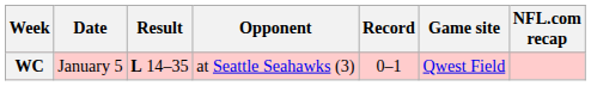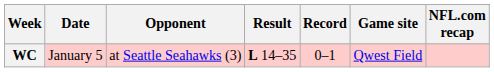 <table class="wikitable" align="center" style="font-size: 92%">
 <tr>
 <th>Week</th>
 <th>Date</th>
+<th>Opponent</th>
 <th>Result</th>
-<th>Opponent</th>
 <th>Record</th>
 <th>Game site</th>
 <th>NFL.com<br>recap</th>
 </tr>
 <tr style="background:#fcc; text-align:center;">
 <th>WC</th>
 <td>January 5</td>
+<td>at <a href='#'>Seattle Seahawks</a> (3)</td>
 <td><strong>L</strong> 14–35</td>
-<td>at <a href='#'>Seattle Seahawks</a> (3)</td>
 <td>0–1</td>
 <td><a href='#'>Qwest Field</a></td>
 <td></td>
 </tr>
 </table>
